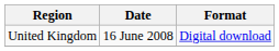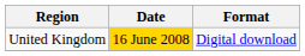 <table class=wikitable>
 <tr>
 <th>Region</th>
 <th>Date</th>
 <th>Format</th>
 </tr>
 <tr>
 <td>United Kingdom</td>
-<td>16 June 2008</td>
+<td style="background: gold;">16 June 2008</td>
 <td><a href='#'>Digital download</a></td>
 </tr>
 <tr>
 </tr>
 </table>
